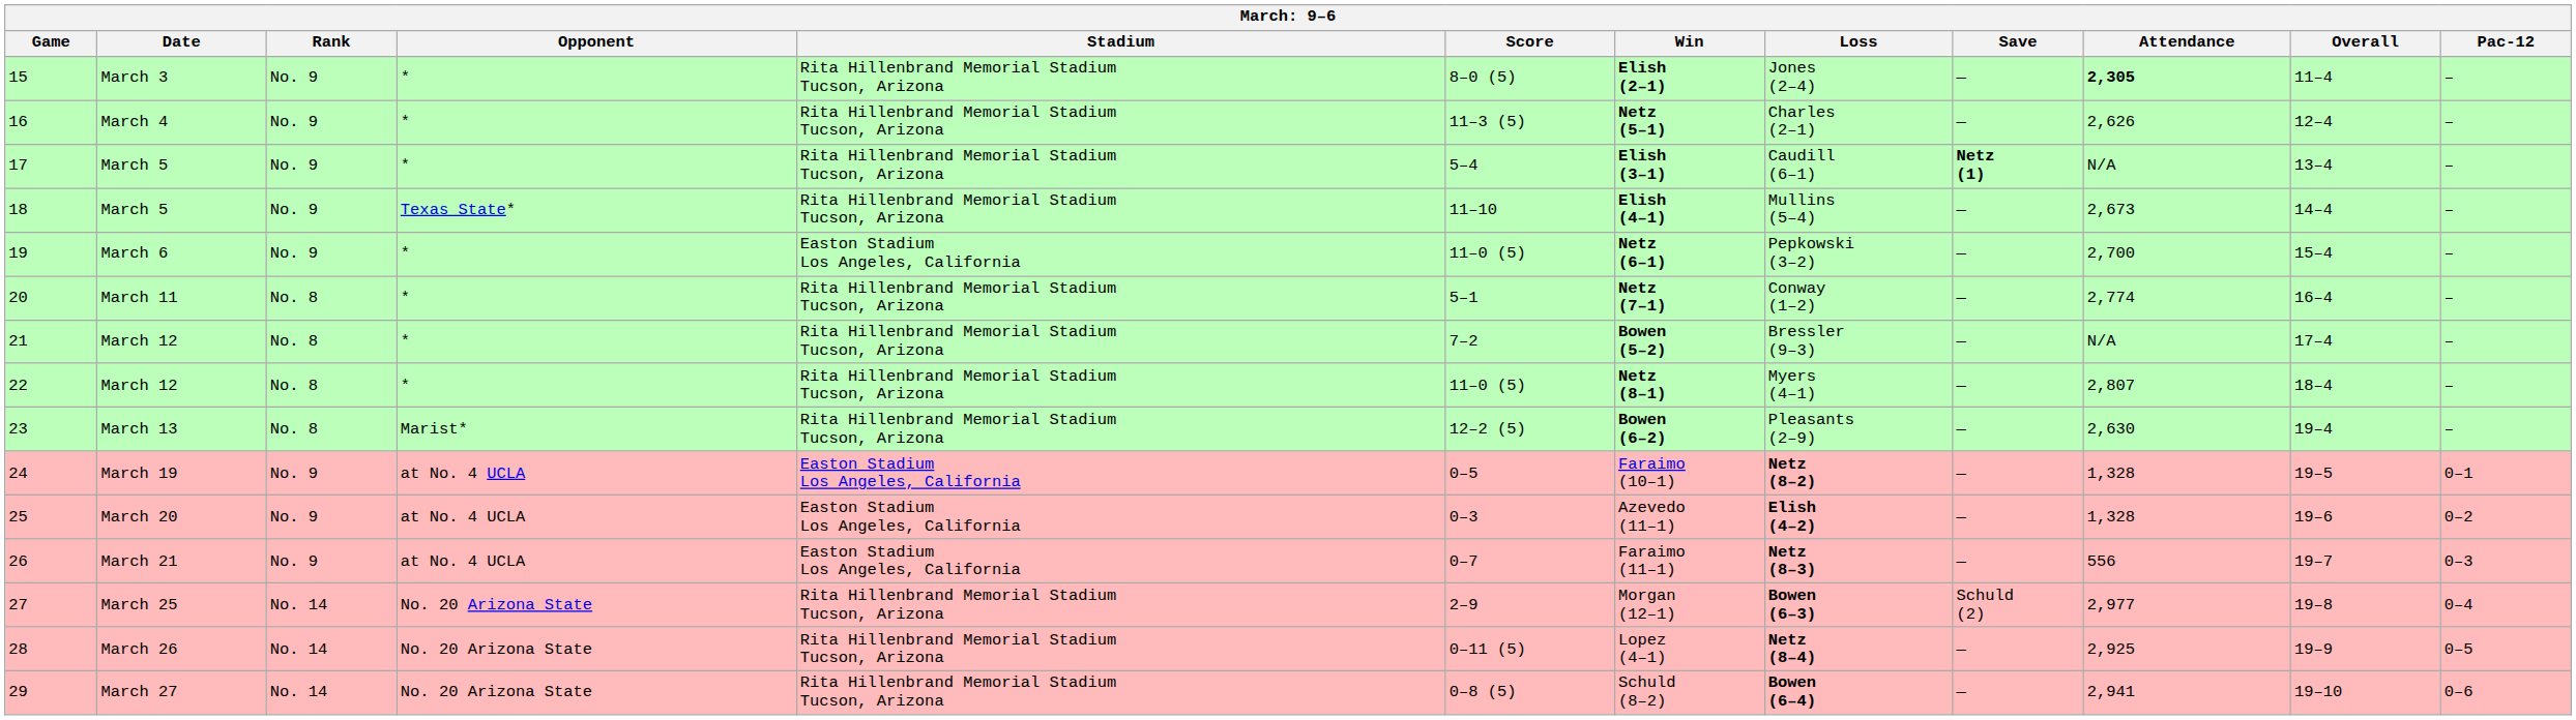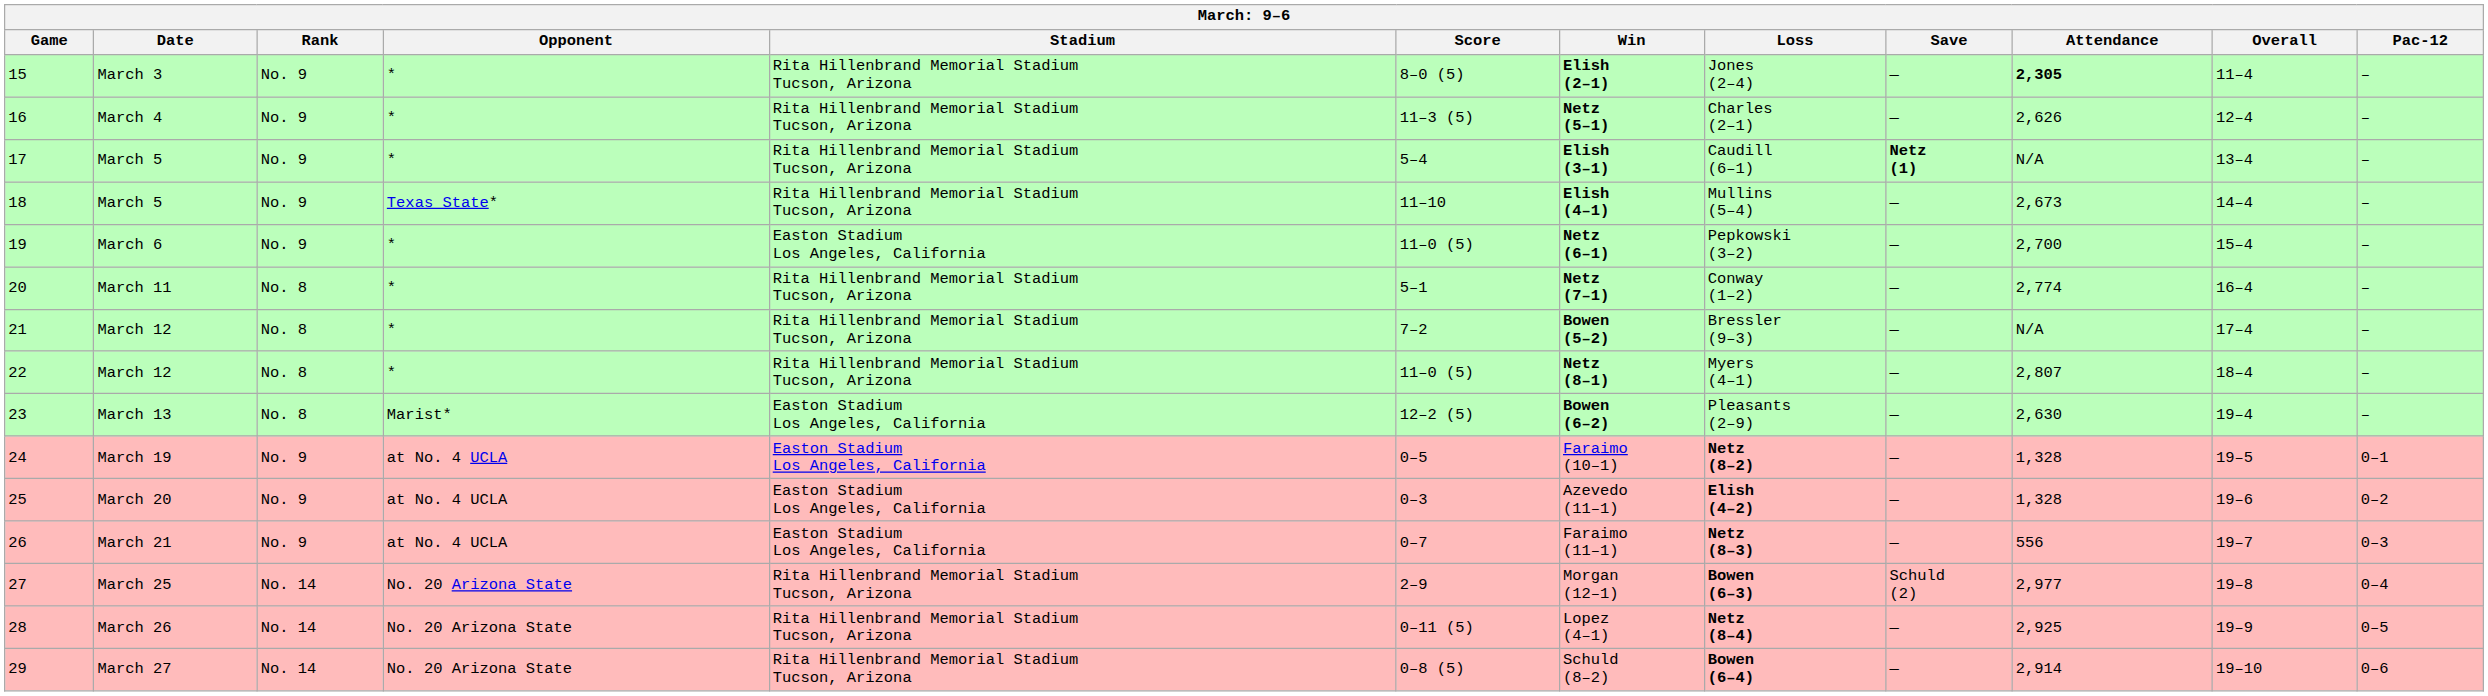 <table class="wikitable collapsible collapsed" style="margin:auto; font-size:95%; width:100%">
 <tr>
 <th colspan=12>March: 9–6</th>
 </tr>
 <tr>
 <th>Game</th>
 <th>Date</th>
 <th>Rank</th>
 <th>Opponent</th>
 <th>Stadium</th>
 <th>Score</th>
 <th>Win</th>
 <th>Loss</th>
 <th>Save</th>
 <th>Attendance</th>
 <th>Overall</th>
 <th>Pac-12</th>
 </tr>
 <tr style="background:#bfb;">
 <td>15</td>
 <td>March 3</td>
 <td>No. 9</td>
 <td>*</td>
 <td>Rita Hillenbrand Memorial Stadium<br>Tucson, Arizona</td>
 <td>8–0 (5)</td>
 <td><strong>Elish<br>(2–1)</strong></td>
 <td>Jones<br>(2–4)</td>
 <td>—</td>
 <td><strong>2,305</strong></td>
 <td>11–4</td>
 <td>–</td>
 </tr>
 <tr style="background:#bfb;">
 <td>16</td>
 <td>March 4</td>
 <td>No. 9</td>
 <td>*</td>
 <td>Rita Hillenbrand Memorial Stadium<br>Tucson, Arizona</td>
 <td>11–3 (5)</td>
 <td><strong>Netz<br>(5–1)</strong></td>
 <td>Charles<br>(2–1)</td>
 <td>—</td>
 <td>2,626</td>
 <td>12–4</td>
 <td>–</td>
 </tr>
 <tr style="background:#bfb;">
 <td>17</td>
 <td>March 5</td>
 <td>No. 9</td>
 <td>*</td>
 <td>Rita Hillenbrand Memorial Stadium<br>Tucson, Arizona</td>
 <td>5–4</td>
 <td><strong>Elish<br>(3–1)</strong></td>
 <td>Caudill<br>(6–1)</td>
 <td><strong>Netz<br>(1)</strong></td>
 <td>N/A</td>
 <td>13–4</td>
 <td>–</td>
 </tr>
 <tr style="background:#bfb;">
 <td>18</td>
 <td>March 5</td>
 <td>No. 9</td>
 <td><a href='#'>Texas State</a>*</td>
 <td>Rita Hillenbrand Memorial Stadium<br>Tucson, Arizona</td>
 <td>11–10</td>
 <td><strong>Elish<br>(4–1)</strong></td>
 <td>Mullins<br>(5–4)</td>
 <td>—</td>
 <td>2,673</td>
 <td>14–4</td>
 <td>–</td>
 </tr>
 <tr style="background:#bfb;">
 <td>19</td>
 <td>March 6</td>
 <td>No. 9</td>
 <td>*</td>
 <td>Easton Stadium<br>Los Angeles, California</td>
 <td>11–0 (5)</td>
 <td><strong>Netz<br>(6–1)</strong></td>
 <td>Pepkowski<br>(3–2)</td>
 <td>—</td>
 <td>2,700</td>
 <td>15–4</td>
 <td>–</td>
 </tr>
 <tr style="background:#bfb;">
 <td>20</td>
 <td>March 11</td>
 <td>No. 8</td>
 <td>*</td>
 <td>Rita Hillenbrand Memorial Stadium<br>Tucson, Arizona</td>
 <td>5–1</td>
 <td><strong>Netz<br>(7–1)</strong></td>
 <td>Conway<br>(1–2)</td>
 <td>—</td>
 <td>2,774</td>
 <td>16–4</td>
 <td>–</td>
 </tr>
 <tr style="background:#bfb;">
 <td>21</td>
 <td>March 12</td>
 <td>No. 8</td>
 <td>*</td>
 <td>Rita Hillenbrand Memorial Stadium<br>Tucson, Arizona</td>
 <td>7–2</td>
 <td><strong>Bowen<br>(5–2)</strong></td>
 <td>Bressler<br>(9–3)</td>
 <td>—</td>
 <td>N/A</td>
 <td>17–4</td>
 <td>–</td>
 </tr>
 <tr style="background:#bfb;">
 <td>22</td>
 <td>March 12</td>
 <td>No. 8</td>
 <td>*</td>
 <td>Rita Hillenbrand Memorial Stadium<br>Tucson, Arizona</td>
 <td>11–0 (5)</td>
 <td><strong>Netz<br>(8–1)</strong></td>
 <td>Myers<br>(4–1)</td>
 <td>—</td>
 <td>2,807</td>
 <td>18–4</td>
 <td>–</td>
 </tr>
 <tr style="background:#bfb;">
 <td>23</td>
 <td>March 13</td>
 <td>No. 8</td>
 <td>Marist*</td>
-<td>Rita Hillenbrand Memorial Stadium<br>Tucson, Arizona</td>
+<td>Easton Stadium<br>Los Angeles, California</td>
 <td>12–2 (5)</td>
 <td><strong>Bowen<br>(6–2)</strong></td>
 <td>Pleasants<br>(2–9)</td>
 <td>—</td>
 <td>2,630</td>
 <td>19–4</td>
 <td>–</td>
 </tr>
 <tr style="background:#fbb;">
 <td>24</td>
 <td>March 19</td>
 <td>No. 9</td>
 <td>at No. 4 <a href='#'>UCLA</a></td>
 <td><a href='#'>Easton Stadium</a><br><a href='#'>Los Angeles, California</a></td>
 <td>0–5</td>
 <td><a href='#'>Faraimo</a><br>(10–1)</td>
 <td><strong>Netz<br>(8–2)</strong></td>
 <td>—</td>
 <td>1,328</td>
 <td>19–5</td>
 <td>0–1</td>
 </tr>
 <tr style="background:#fbb;">
 <td>25</td>
 <td>March 20</td>
 <td>No. 9</td>
 <td>at No. 4 UCLA</td>
 <td>Easton Stadium<br>Los Angeles, California</td>
 <td>0–3</td>
 <td>Azevedo<br>(11–1)</td>
 <td><strong>Elish<br>(4–2)</strong></td>
 <td>—</td>
 <td>1,328</td>
 <td>19–6</td>
 <td>0–2</td>
 </tr>
 <tr style="background:#fbb;">
 <td>26</td>
 <td>March 21</td>
 <td>No. 9</td>
 <td>at No. 4 UCLA</td>
 <td>Easton Stadium<br>Los Angeles, California</td>
 <td>0–7</td>
 <td>Faraimo<br>(11–1)</td>
 <td><strong>Netz<br>(8–3)</strong></td>
 <td>—</td>
 <td>556</td>
 <td>19–7</td>
 <td>0–3</td>
 </tr>
 <tr style="background:#fbb;">
 <td>27</td>
 <td>March 25</td>
 <td>No. 14</td>
 <td>No. 20 <a href='#'>Arizona State</a></td>
 <td>Rita Hillenbrand Memorial Stadium<br>Tucson, Arizona</td>
 <td>2–9</td>
 <td>Morgan<br>(12–1)</td>
 <td><strong>Bowen<br>(6–3)</strong></td>
 <td>Schuld<br>(2)</td>
 <td>2,977</td>
 <td>19–8</td>
 <td>0–4</td>
 </tr>
 <tr style="background:#fbb;">
 <td>28</td>
 <td>March 26</td>
 <td>No. 14</td>
 <td>No. 20 Arizona State</td>
 <td>Rita Hillenbrand Memorial Stadium<br>Tucson, Arizona</td>
 <td>0–11 (5)</td>
 <td>Lopez<br>(4–1)</td>
 <td><strong>Netz<br>(8–4)</strong></td>
 <td>—</td>
 <td>2,925</td>
 <td>19–9</td>
 <td>0–5</td>
 </tr>
 <tr style="background:#fbb;">
 <td>29</td>
 <td>March 27</td>
 <td>No. 14</td>
 <td>No. 20 Arizona State</td>
 <td>Rita Hillenbrand Memorial Stadium<br>Tucson, Arizona</td>
 <td>0–8 (5)</td>
 <td>Schuld<br>(8–2)</td>
 <td><strong>Bowen<br>(6–4)</strong></td>
 <td>—</td>
-<td>2,941</td>
+<td>2,914</td>
 <td>19–10</td>
 <td>0–6</td>
 </tr>
 </table>
